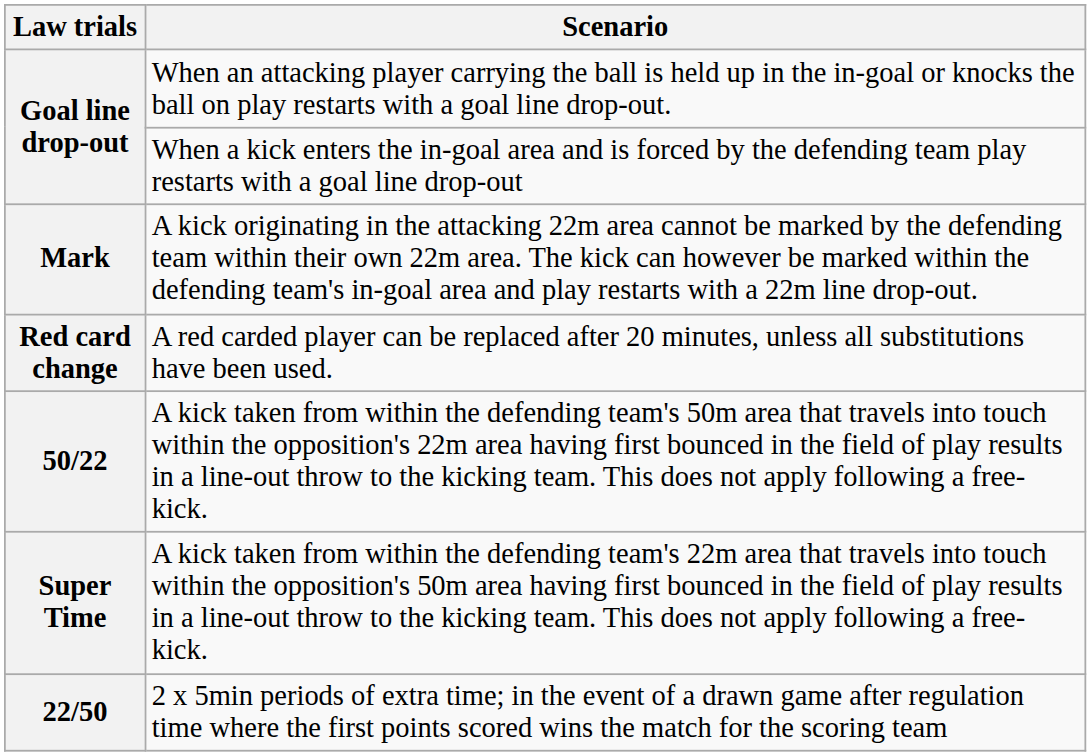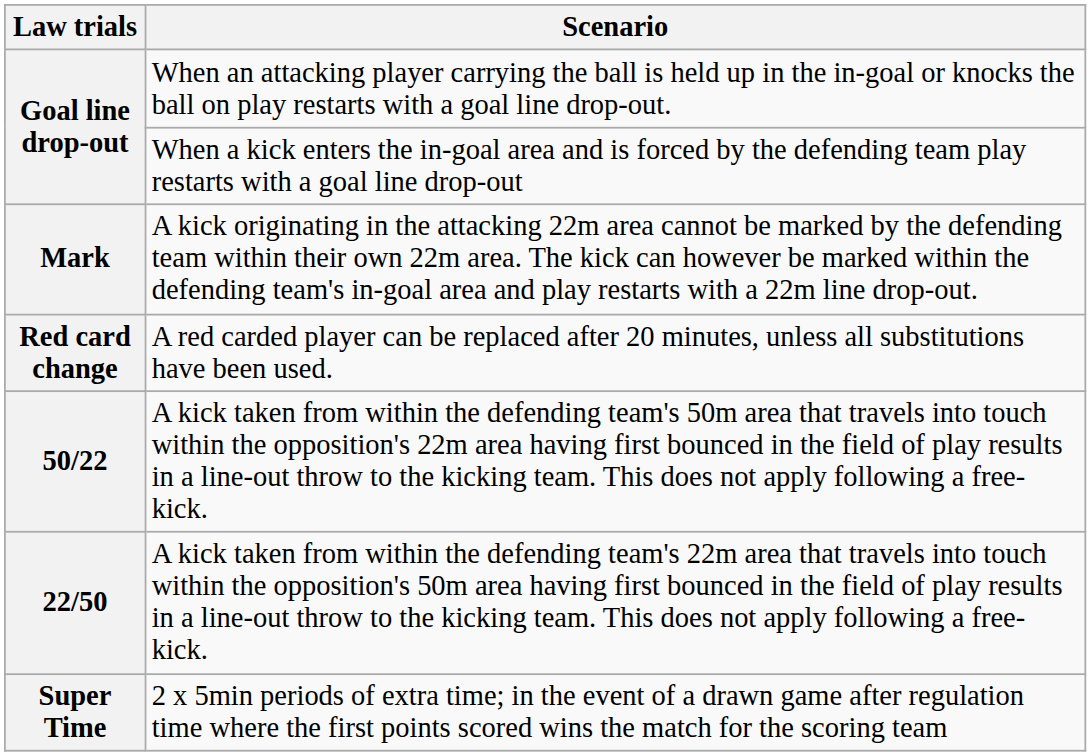 <table class="wikitable">
 <tr>
 <th>Law trials</th>
 <th>Scenario</th>
 </tr>
 <tr>
 <th rowspan= 2>Goal line drop-out</th>
 <td>When an attacking player carrying the ball is held up in the in-goal or knocks the ball on play restarts with a goal line drop-out.</td>
 </tr>
 <tr>
 <td>When a kick enters the in-goal area and is forced by the defending team play restarts with a goal line drop-out</td>
 </tr>
 <tr>
 <th>Mark</th>
 <td>A kick originating in the attacking 22m area cannot be marked by the defending team within their own 22m area. The kick can however be marked within the defending team's in-goal area and play restarts with a 22m line drop-out.</td>
 </tr>
 <tr>
 <th>Red card change</th>
 <td>A red carded player can be replaced after 20 minutes, unless all substitutions have been used.</td>
 </tr>
 <tr>
 <th>50/22</th>
 <td>A kick taken from within the defending team's 50m area that travels into touch within the opposition's 22m area having first bounced in the field of play results in a line-out throw to the kicking team. This does not apply following a free-kick.</td>
 </tr>
 <tr>
-<th>Super Time</th>
+<th>22/50</th>
 <td>A kick taken from within the defending team's 22m area that travels into touch within the opposition's 50m area having first bounced in the field of play results in a line-out throw to the kicking team. This does not apply following a free-kick.</td>
 </tr>
 <tr>
-<th>22/50</th>
+<th>Super Time</th>
 <td>2 x 5min periods of extra time; in the event of a drawn game after regulation time where the first points scored wins the match for the scoring team</td>
 </tr>
 </table>
